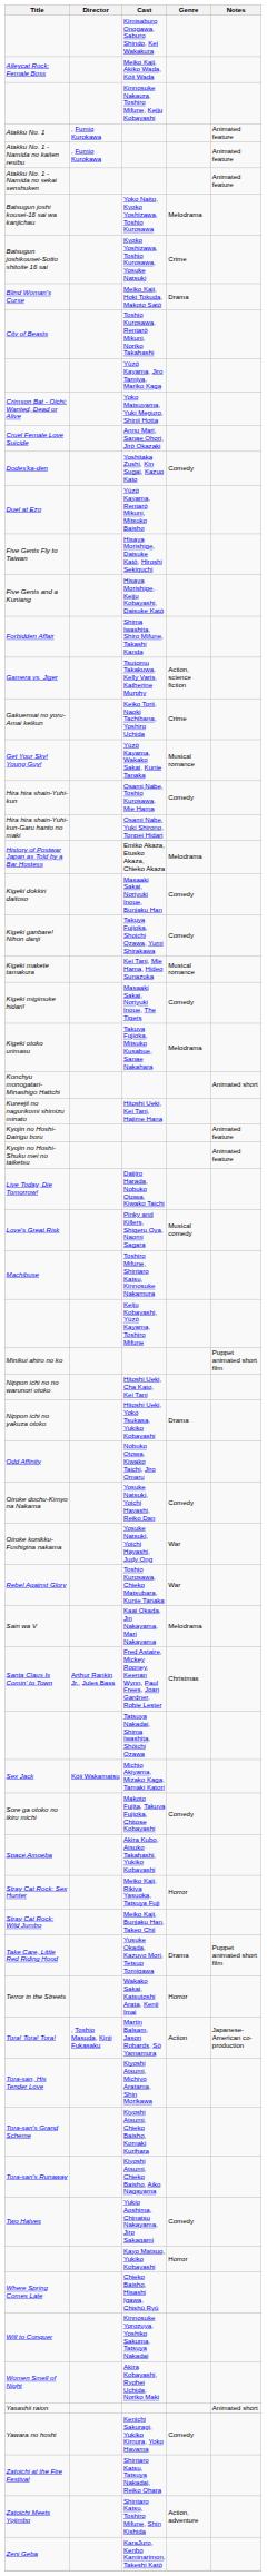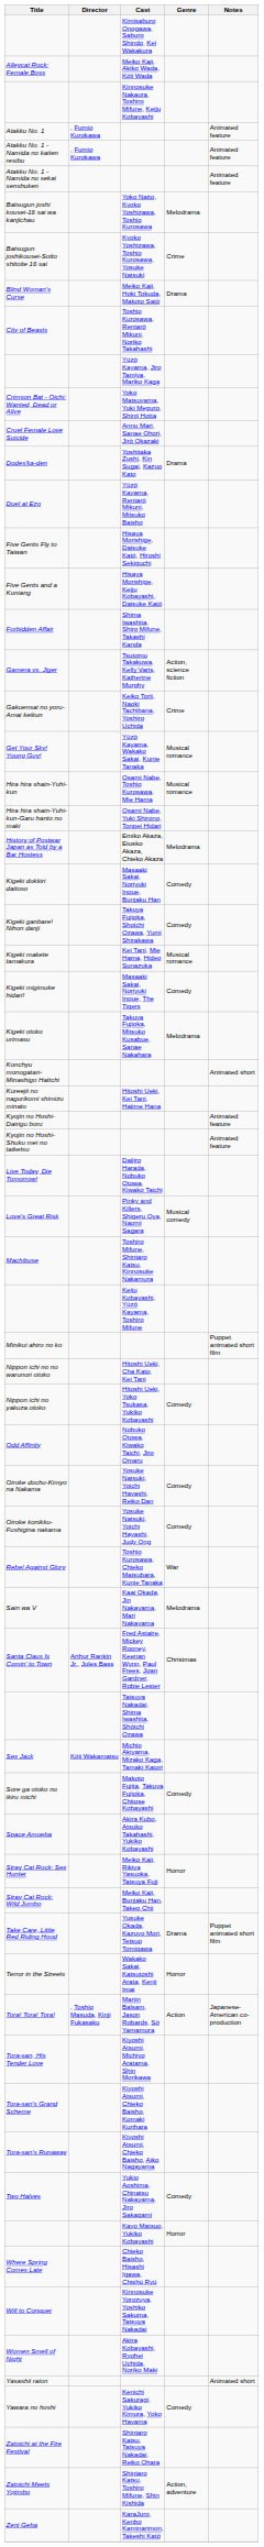 <table class="wikitable sortable">
 <tr>
 <th>Title</th>
 <th>Director</th>
 <th width=15%>Cast</th>
 <th>Genre</th>
 <th>Notes</th>
 </tr>
 <tr>
 <td></td>
 <td></td>
 <td><a href='#'>Kimisaburo Onogawa</a>, <a href='#'>Saburo Shindo</a>, <a href='#'>Kei Wakakura</a></td>
 <td></td>
 <td></td>
 </tr>
 <tr>
 <td><em><a href='#'>Alleycat Rock: Female Boss</a></em></td>
 <td></td>
 <td><a href='#'>Meiko Kaji</a>, <a href='#'>Akiko Wada</a>, <a href='#'>Kōji Wada</a></td>
 <td></td>
 <td></td>
 </tr>
 <tr>
 <td></td>
 <td></td>
 <td><a href='#'>Kinnosuke Nakaura</a>, <a href='#'>Toshiro Mifune</a>, <a href='#'>Keiju Kobayashi</a></td>
 <td></td>
 <td></td>
 </tr>
 <tr>
 <td><em>Atakku No. 1</em></td>
 <td>, <a href='#'>Fumio Kurokawa</a></td>
 <td></td>
 <td></td>
 <td>Animated feature</td>
 </tr>
 <tr>
 <td><em>Atakku No. 1 - Namida no kaiten resibu</em></td>
 <td>, <a href='#'>Fumio Kurokawa</a></td>
 <td></td>
 <td></td>
 <td>Animated feature</td>
 </tr>
 <tr>
 <td><em>Atakku No. 1 - Namida no sekai senshuken</em></td>
 <td></td>
 <td></td>
 <td></td>
 <td>Animated feature</td>
 </tr>
 <tr>
 <td><em>Batsugun joshi kousei-16 sai wa kanjichau</em></td>
 <td></td>
 <td><a href='#'>Yoko Naito</a>, <a href='#'>Kyoko Yoshizawa</a>, <a href='#'>Toshio Kurosawa</a></td>
 <td>Melodrama</td>
 <td></td>
 </tr>
 <tr>
 <td><em>Batsugun joshikousei-Sotto shitoite 16 sai</em></td>
 <td></td>
 <td><a href='#'>Kyoko Yoshizawa</a>, <a href='#'>Toshio Kurosawa</a>, <a href='#'>Yosuke Natsuki</a></td>
 <td>Crime</td>
 <td></td>
 </tr>
 <tr>
 <td><em><a href='#'>Blind Woman's Curse</a></em></td>
 <td></td>
 <td><a href='#'>Meiko Kaji</a>, <a href='#'>Hoki Tokuda</a>, <a href='#'>Makoto Satō</a></td>
 <td>Drama</td>
 <td></td>
 </tr>
 <tr>
 <td><em><a href='#'>City of Beasts</a></em></td>
 <td></td>
 <td><a href='#'>Toshio Kurosawa</a>, <a href='#'>Rentarō Mikuni</a>, <a href='#'>Noriko Takahashi</a></td>
 <td></td>
 <td></td>
 </tr>
 <tr>
 <td></td>
 <td></td>
 <td><a href='#'>Yūzō Kayama</a>, <a href='#'>Jiro Tamiya</a>, <a href='#'>Mariko Kaga</a></td>
 <td></td>
 <td></td>
 </tr>
 <tr>
 <td><em><a href='#'>Crimson Bat - Oichi: Wanted, Dead or Alive</a></em></td>
 <td></td>
 <td><a href='#'>Yoko Matsuyama</a>, <a href='#'>Yuki Meguro</a>, <a href='#'>Shinji Hotta</a></td>
 <td></td>
 <td></td>
 </tr>
 <tr>
 <td><em><a href='#'>Cruel Female Love Suicide</a></em></td>
 <td></td>
 <td><a href='#'>Annu Mari</a>,  <a href='#'>Sanae Ohori</a>, <a href='#'>Jirō Okazaki</a></td>
 <td></td>
 <td></td>
 </tr>
 <tr>
 <td><em><a href='#'>Dodes'ka-den</a></em></td>
 <td></td>
 <td><a href='#'>Yoshitaka Zushi</a>, <a href='#'>Kin Sugai</a>, <a href='#'>Kazuo Kato</a></td>
-<td>Comedy</td>
+<td>Drama</td>
 <td></td>
 </tr>
 <tr>
 <td><em><a href='#'>Duel at Ezo</a></em></td>
 <td></td>
 <td><a href='#'>Yūzō Kayama</a>, <a href='#'>Rentarō Mikuni</a>, <a href='#'>Mitsuko Baisho</a></td>
 <td></td>
 <td></td>
 </tr>
 <tr>
 <td><em>Five Gents Fly to Taiwan</em></td>
 <td></td>
 <td><a href='#'>Hisaya Morishige</a>, <a href='#'>Daisuke Katō</a>, <a href='#'>Hiroshi Sekiguchi</a></td>
 <td></td>
 <td></td>
 </tr>
 <tr>
 <td><em>Five Gents and a Kuniang</em></td>
 <td></td>
 <td><a href='#'>Hisaya Morishige</a>, <a href='#'>Keiju Kobayashi</a>, <a href='#'>Daisuke Katō</a></td>
 <td></td>
 <td></td>
 </tr>
 <tr>
 <td><em><a href='#'>Forbidden Affair</a></em></td>
 <td></td>
 <td><a href='#'>Shima Iwashita</a>, <a href='#'>Shiro Mifune</a>, <a href='#'>Takashi Kanda</a></td>
 <td></td>
 <td></td>
 </tr>
 <tr>
 <td><em><a href='#'>Gamera vs. Jiger</a></em></td>
 <td></td>
 <td><a href='#'>Tsutomu Takakuwa</a>, <a href='#'>Kelly Varis</a>, <a href='#'>Katherine Murphy</a></td>
 <td>Action, science fiction</td>
 <td></td>
 </tr>
 <tr>
 <td><em>Gakuensai no yoru-Amai keikun</em></td>
 <td></td>
 <td><a href='#'>Keiko Torii</a>, <a href='#'>Naoki Tachibana</a>, <a href='#'>Yoshiro Uchida</a></td>
 <td>Crime</td>
 <td></td>
 </tr>
 <tr>
 <td><em><a href='#'>Get Your Sky! Young Guy!</a></em></td>
 <td></td>
 <td><a href='#'>Yūzō Kayama</a>, <a href='#'>Wakako Sakai</a>, <a href='#'>Kunie Tanaka</a></td>
 <td>Musical romance</td>
 <td></td>
 </tr>
 <tr>
 <td><em>Hira hira shain-Yuhi-kun</em></td>
 <td></td>
 <td><a href='#'>Osami Nabe</a>, <a href='#'>Toshio Kurosawa</a>, <a href='#'>Mie Hama</a></td>
-<td>Comedy</td>
+<td>Musical romance</td>
 <td></td>
 </tr>
 <tr>
 <td><em>Hira hira shain-Yuhi-kun-Garu hanto no maki</em></td>
 <td></td>
 <td><a href='#'>Osami Nabe</a>, <a href='#'>Yuki Shirono</a>, <a href='#'>Tonpei Hidari</a></td>
 <td></td>
 <td></td>
 </tr>
 <tr>
 <td><em><a href='#'>History of Postwar Japan as Told by a Bar Hostess</a></em></td>
 <td></td>
 <td>Emiko Akaza, Etusko Akaza, Chieko Akaza</td>
 <td>Melodrama</td>
 <td></td>
 </tr>
 <tr>
 <td><em>Kigeki dokkiri daitoso</em></td>
 <td></td>
 <td><a href='#'>Masaaki Sakai</a>, <a href='#'>Noriyuki Inoue</a>, <a href='#'>Bunjaku Han</a></td>
 <td>Comedy</td>
 <td></td>
 </tr>
 <tr>
 <td><em>Kigeki ganbare! Nihon danji</em></td>
 <td></td>
 <td><a href='#'>Takuya Fujioka</a>, <a href='#'>Shoichi Ozawa</a>, <a href='#'>Yumi Shirakawa</a></td>
 <td>Comedy</td>
 <td></td>
 </tr>
 <tr>
 <td><em>Kigeki makete tamakura</em></td>
 <td></td>
 <td><a href='#'>Kei Tani</a>, <a href='#'>Mie Hama</a>, <a href='#'>Hideo Sunazuka</a></td>
 <td>Musical romance</td>
 <td></td>
 </tr>
 <tr>
 <td><em>Kigeki migimuke hidari!</em></td>
 <td></td>
 <td><a href='#'>Masaaki Sakai</a>, <a href='#'>Noriyuki Inoue</a>, <a href='#'>The Tigers</a></td>
 <td>Comedy</td>
 <td></td>
 </tr>
 <tr>
 <td><em>Kigeki otoko urimasu</em></td>
 <td></td>
 <td><a href='#'>Takuya Fujioka</a>, <a href='#'>Mitsuko Kusabue</a>, <a href='#'>Sanae Nakahara</a></td>
 <td>Melodrama</td>
 <td></td>
 </tr>
 <tr>
 <td><em>Konchyu monogatari-Minashigo Hattchi</em></td>
 <td></td>
 <td></td>
 <td></td>
 <td>Animated short</td>
 </tr>
 <tr>
 <td><em>Kureejii no nagurikomi shimizu minato</em></td>
 <td></td>
 <td><a href='#'>Hitoshi Ueki</a>, <a href='#'>Kei Tani</a>, <a href='#'>Hajime Hana</a></td>
 <td></td>
 <td></td>
 </tr>
 <tr>
 <td><em>Kyojin no Hoshi-Dairigu boru</em></td>
 <td></td>
 <td></td>
 <td></td>
 <td>Animated feature</td>
 </tr>
 <tr>
 <td><em>Kyojin no Hoshi-Shuku mei no taiketsu</em></td>
 <td></td>
 <td></td>
 <td></td>
 <td>Animated feature</td>
 </tr>
 <tr>
 <td><em><a href='#'>Live Today, Die Tomorrow!</a></em></td>
 <td></td>
 <td><a href='#'>Daijiro Harada</a>, <a href='#'>Nobuko Otowa</a>, <a href='#'>Kiwako Taichi</a></td>
 <td></td>
 <td></td>
 </tr>
 <tr>
 <td><em><a href='#'>Love's Great Risk</a></em></td>
 <td></td>
 <td><a href='#'>Pinky and Killers</a>, <a href='#'>Shigeru Oya</a>, <a href='#'>Naomi Sagara</a></td>
 <td>Musical comedy</td>
 <td></td>
 </tr>
 <tr>
 <td><em><a href='#'>Machibuse</a></em></td>
 <td></td>
 <td><a href='#'>Toshiro Mifune</a>, <a href='#'>Shintaro Katsu</a>, <a href='#'>Kinnosuke Nakamura</a></td>
 <td></td>
 <td></td>
 </tr>
 <tr>
 <td></td>
 <td></td>
 <td><a href='#'>Keiju Kobayashi</a>, <a href='#'>Yūzō Kayama</a>, <a href='#'>Toshiro Mifune</a></td>
 <td></td>
 <td></td>
 </tr>
 <tr>
 <td><em>Minikui ahiro no ko</em></td>
 <td></td>
 <td></td>
 <td></td>
 <td>Puppet animated short film</td>
 </tr>
 <tr>
 <td><em>Nippon ichi no no warunori otoko</em></td>
 <td></td>
 <td><a href='#'>Hitoshi Ueki</a>, <a href='#'>Cha Kato</a>, <a href='#'>Kei Tani</a></td>
 <td></td>
 <td></td>
 </tr>
 <tr>
 <td><em>Nippon ichi no yakuza otoko</em></td>
 <td></td>
 <td><a href='#'>Hitoshi Ueki</a>, <a href='#'>Yoko Tsukasa</a>, <a href='#'>Yukiko Kobayashi</a></td>
-<td>Drama</td>
+<td>Comedy</td>
 <td></td>
 </tr>
 <tr>
 <td><em><a href='#'>Odd Affinity</a></em></td>
 <td></td>
 <td><a href='#'>Nobuko Otowa</a>, <a href='#'>Kiwako Taichi</a>, <a href='#'>Jiro Omaru</a></td>
 <td></td>
 <td></td>
 </tr>
 <tr>
 <td><em>Oiroke dochu-Kimyo na Nakama</em></td>
 <td></td>
 <td><a href='#'>Yosuke Natsuki</a>, <a href='#'>Yoichi Hayashi</a>, <a href='#'>Reiko Dan</a></td>
 <td>Comedy</td>
 <td></td>
 </tr>
 <tr>
 <td><em>Oiroke konikku-Fushigina nakama</em></td>
 <td></td>
 <td><a href='#'>Yosuke Natsuki</a>, <a href='#'>Yoichi Hayashi</a>, <a href='#'>Judy Ong</a></td>
-<td>War</td>
+<td>Comedy</td>
 <td></td>
 </tr>
 <tr>
 <td><em><a href='#'>Rebel Against Glory</a></em></td>
 <td></td>
 <td><a href='#'>Toshio Kurosawa</a>, <a href='#'>Chieko Matsubara</a>, <a href='#'>Kunie Tanaka</a></td>
 <td>War</td>
 <td></td>
 </tr>
 <tr>
 <td><em>Sain wa V</em></td>
 <td></td>
 <td><a href='#'>Kaai Okada</a>, <a href='#'>Jin Nakayama</a>, <a href='#'>Mari Nakayama</a></td>
 <td>Melodrama</td>
 <td></td>
 </tr>
 <tr>
 <td><em><a href='#'>Santa Claus Is Comin' to Town</a></em></td>
 <td><a href='#'>Arthur Rankin Jr.</a>, <a href='#'>Jules Bass</a></td>
 <td><a href='#'>Fred Astaire</a>, <a href='#'>Mickey Rooney</a>, <a href='#'>Keenan Wynn</a>, <a href='#'>Paul Frees</a>, <a href='#'>Joan Gardner</a>, <a href='#'>Robie Lester</a></td>
 <td>Christmas</td>
 <td></td>
 </tr>
 <tr>
 <td></td>
 <td></td>
 <td><a href='#'>Tatsuya Nakadai</a>, <a href='#'>Shima Iwashita</a>, <a href='#'>Shōichi Ozawa</a></td>
 <td></td>
 <td></td>
 </tr>
 <tr>
 <td><em><a href='#'>Sex Jack</a></em></td>
 <td><a href='#'>Kōji Wakamatsu</a></td>
 <td><a href='#'>Michio Akiyama</a>, <a href='#'>Mizako Kaga</a>, <a href='#'>Tamaki Katori</a></td>
 <td></td>
 <td></td>
 </tr>
 <tr>
 <td><em>Sore ga otoko no ikiru michi</em></td>
 <td></td>
 <td><a href='#'>Makoto Fujita</a>, <a href='#'>Takuya Fujioka</a>, <a href='#'>Chitose Kobayashi</a></td>
 <td>Comedy</td>
 <td></td>
 </tr>
 <tr>
 <td><em><a href='#'>Space Amoeba</a></em></td>
 <td></td>
 <td><a href='#'>Akira Kubo</a>, <a href='#'>Atsuko Takahashi</a>, <a href='#'>Yukiko Kobayashi</a></td>
 <td></td>
 <td></td>
 </tr>
 <tr>
 <td><em><a href='#'>Stray Cat Rock: Sex Hunter</a></em></td>
 <td></td>
 <td><a href='#'>Meiko Kaji</a>, <a href='#'>Rikiya Yasuoka</a>, <a href='#'>Tatsuya Fuji</a></td>
 <td>Horror</td>
 <td></td>
 </tr>
 <tr>
 <td><em><a href='#'>Stray Cat Rock: Wild Jumbo</a></em></td>
 <td></td>
 <td><a href='#'>Meiko Kaji</a>, <a href='#'>Bunjaku Han</a>, <a href='#'>Takeo Chii</a></td>
 <td></td>
 <td></td>
 </tr>
 <tr>
 <td><em><a href='#'>Take Care, Little Red Riding Hood</a></em></td>
 <td></td>
 <td><a href='#'>Yusuke Okada</a>, <a href='#'>Kazuyo Mori</a>, <a href='#'>Tetsuo Tomigawa</a></td>
 <td>Drama</td>
 <td>Puppet animated short film</td>
 </tr>
 <tr>
 <td><em>Terror in the Streets</em></td>
 <td></td>
 <td><a href='#'>Wakako Sakai</a>, <a href='#'>Katsutoshi Arata</a>, <a href='#'>Kenji Imai</a></td>
 <td>Horror</td>
 <td></td>
 </tr>
 <tr>
 <td><em><a href='#'>Tora! Tora! Tora!</a></em></td>
 <td>, <a href='#'>Toshio Masuda</a>, <a href='#'>Kinji Fukasaku</a></td>
 <td><a href='#'>Martin Balsam</a>, <a href='#'>Jason Robards</a>, <a href='#'>Sō Yamamura</a></td>
 <td>Action</td>
 <td>Japanese-American co-production</td>
 </tr>
 <tr>
 <td><em><a href='#'>Tora-san, His Tender Love</a></em></td>
 <td></td>
 <td><a href='#'>Kiyoshi Atsumi</a>, <a href='#'>Michiyo Aratama</a>, <a href='#'>Shin Morikawa</a></td>
 <td></td>
 <td></td>
 </tr>
 <tr>
 <td><em><a href='#'>Tora-san's Grand Scheme</a></em></td>
 <td></td>
 <td><a href='#'>Kiyoshi Atsumi</a>, <a href='#'>Chieko Baisho</a>, <a href='#'>Komaki Kurihara</a></td>
 <td></td>
 <td></td>
 </tr>
 <tr>
 <td><em><a href='#'>Tora-san's Runaway</a></em></td>
 <td></td>
 <td><a href='#'>Kiyoshi Atsumi</a>, <a href='#'>Chieko Baisho</a>, <a href='#'>Aiko Nagayama</a></td>
 <td></td>
 <td></td>
 </tr>
 <tr>
 <td><em><a href='#'>Two Halves</a></em></td>
 <td></td>
 <td><a href='#'>Yukio Aoshima</a>, <a href='#'>Chinatsu Nakayama</a>, <a href='#'>Jiro Sakagami</a></td>
 <td>Comedy</td>
 <td></td>
 </tr>
 <tr>
 <td></td>
 <td></td>
 <td><a href='#'>Kayo Matsuo</a>, <a href='#'>Yukiko Kobayashi</a></td>
 <td>Horror</td>
 <td></td>
 </tr>
 <tr>
 <td><em><a href='#'>Where Spring Comes Late</a></em></td>
 <td></td>
 <td><a href='#'>Chieko Baisho</a>, <a href='#'>Hisashi Igawa</a>, <a href='#'>Chishū Ryū</a></td>
 <td></td>
 <td></td>
 </tr>
 <tr>
 <td><em><a href='#'>Will to Conquer</a></em></td>
 <td></td>
 <td><a href='#'>Kinnosuke Yorozuya</a>, <a href='#'>Yoshiko Sakuma</a>, <a href='#'>Tatsuya Nakadai</a></td>
 <td></td>
 <td></td>
 </tr>
 <tr>
 <td><em><a href='#'>Women Smell of Night</a></em></td>
 <td></td>
 <td><a href='#'>Akira Kobayashi</a>, <a href='#'>Ryohei Uchida</a>, <a href='#'>Noriko Maki</a></td>
 <td></td>
 <td></td>
 </tr>
 <tr>
 <td><em>Yasashii raion</em></td>
 <td></td>
 <td></td>
 <td></td>
 <td>Animated short</td>
 </tr>
 <tr>
 <td><em>Yawara no hoshi</em></td>
 <td></td>
 <td><a href='#'>Kenichi Sakuragi</a>, <a href='#'>Yukiko Kimura</a>, <a href='#'>Yoko Hayama</a></td>
 <td>Comedy</td>
 <td></td>
 </tr>
 <tr>
 <td><em><a href='#'>Zatoichi at the Fire Festival</a></em></td>
 <td></td>
 <td><a href='#'>Shintaro Katsu</a>, <a href='#'>Tatsuya Nakadai</a>, <a href='#'>Reiko Ohara</a></td>
 <td></td>
 <td></td>
 </tr>
 <tr>
 <td><em><a href='#'>Zatoichi Meets Yojimbo</a></em></td>
 <td></td>
 <td><a href='#'>Shintaro Katsu</a>, <a href='#'>Toshiro Mifune</a>, <a href='#'>Shin Kishida</a></td>
 <td>Action, adventure</td>
 <td></td>
 </tr>
 <tr>
 <td><em><a href='#'>Zeni Geba</a></em></td>
 <td></td>
 <td><a href='#'>KaraJuro</a>, <a href='#'>Kenbo Kaminarimon</a>, <a href='#'>Takeshi Katō</a></td>
 <td></td>
 <td></td>
 </tr>
 <tr>
 </tr>
 </table>
